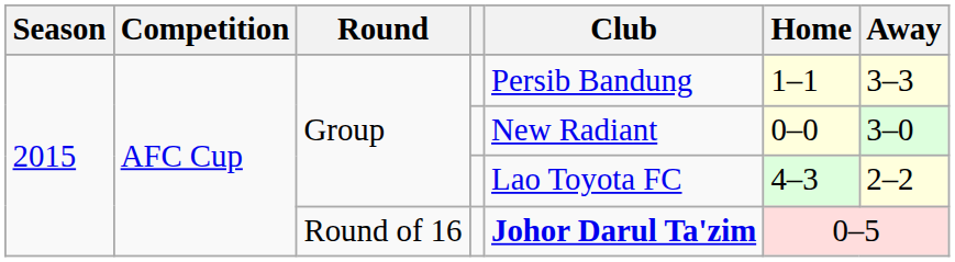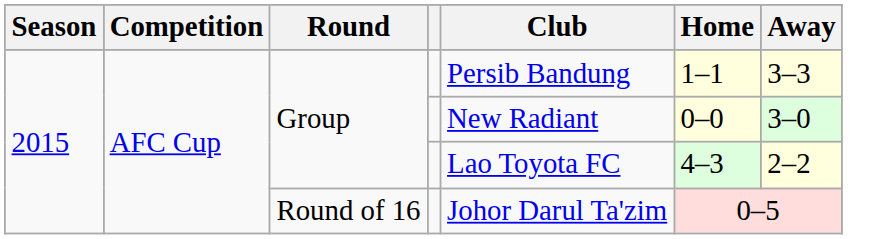 <table class="wikitable">
 <tr>
 <th>Season</th>
 <th>Competition</th>
 <th>Round</th>
 <th></th>
 <th>Club</th>
 <th>Home</th>
 <th>Away</th>
 </tr>
 <tr>
 <td rowspan="4"><a href='#'>2015</a></td>
 <td rowspan="4"><a href='#'>AFC Cup</a></td>
 <td rowspan="3">Group</td>
 <td></td>
 <td><a href='#'>Persib Bandung</a></td>
 <td style="background:#ffd;">1–1</td>
 <td style="background:#ffd;">3–3</td>
 </tr>
 <tr>
 <td></td>
 <td><a href='#'>New Radiant</a></td>
 <td style="background:#ffd;">0–0</td>
 <td style="background:#dfd;">3–0</td>
 </tr>
 <tr>
 <td></td>
 <td><a href='#'>Lao Toyota FC</a></td>
 <td style="background:#dfd;">4–3</td>
 <td style="background:#ffd;">2–2</td>
 </tr>
 <tr>
 <td>Round of 16</td>
 <td></td>
-<td><strong><a href='#'>Johor Darul Ta'zim</a></strong></td>
+<td><a href='#'>Johor Darul Ta'zim</a></td>
 <td style="background:#fdd;text-align:center;" colspan=2>0–5</td>
 </tr>
 </table>
